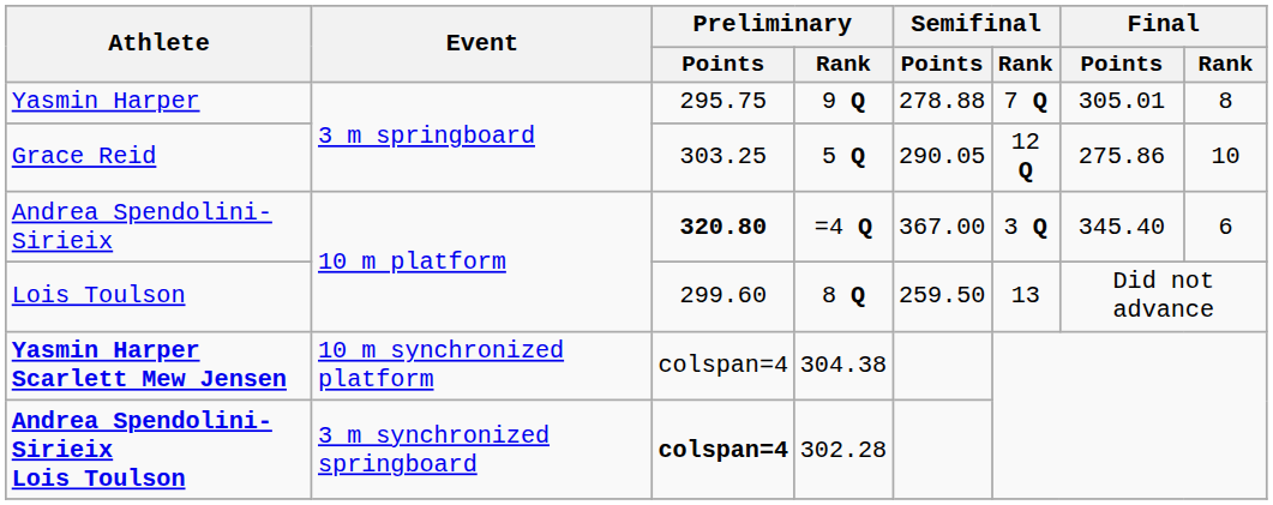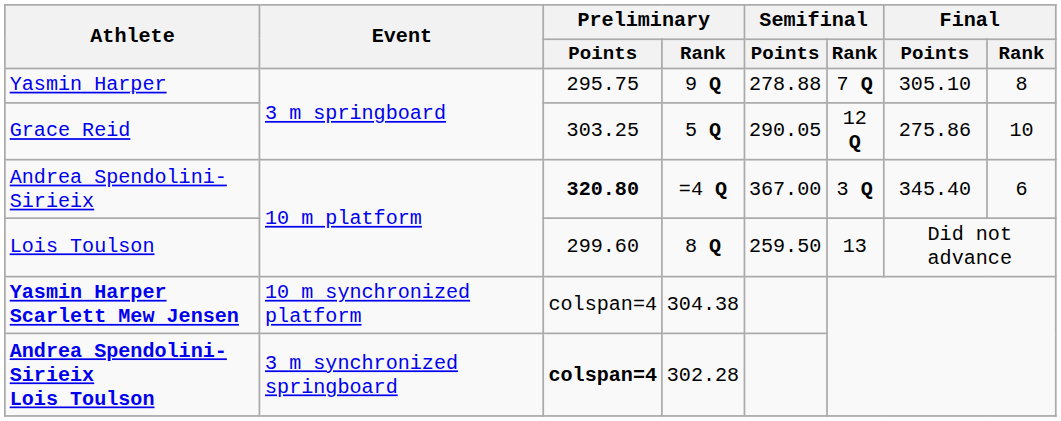 <table class=wikitable style=font-size:90%;text-align:center>
 <tr>
 <th rowspan=2>Athlete</th>
 <th rowspan=2>Event</th>
 <th colspan=2>Preliminary</th>
 <th colspan=2>Semifinal</th>
 <th colspan=2>Final</th>
 </tr>
 <tr style=font-size:95%>
 <th>Points</th>
 <th>Rank</th>
 <th>Points</th>
 <th>Rank</th>
 <th>Points</th>
 <th>Rank</th>
 </tr>
 <tr>
 <td align=left><a href='#'>Yasmin Harper</a></td>
 <td align=left rowspan=2><a href='#'>3 m springboard</a></td>
 <td>295.75</td>
 <td>9 <strong>Q</strong></td>
 <td>278.88</td>
 <td>7 <strong>Q</strong></td>
-<td>305.01</td>
+<td>305.10</td>
 <td>8</td>
 </tr>
 <tr>
 <td align=left><a href='#'>Grace Reid</a></td>
 <td>303.25</td>
 <td>5 <strong>Q</strong></td>
 <td>290.05</td>
 <td>12 <strong>Q</strong></td>
 <td>275.86</td>
 <td>10</td>
 </tr>
 <tr>
 <td align=left><a href='#'>Andrea Spendolini-Sirieix</a></td>
 <td align=left rowspan=2><a href='#'>10 m platform</a></td>
 <td><strong>320.80</strong></td>
 <td>=4 <strong>Q</strong></td>
 <td>367.00</td>
 <td>3 <strong>Q</strong></td>
 <td>345.40</td>
 <td>6</td>
 </tr>
 <tr>
 <td align=left><a href='#'>Lois Toulson</a></td>
 <td>299.60</td>
 <td>8 <strong>Q</strong></td>
 <td>259.50</td>
 <td>13</td>
 <td colspan=2>Did not advance</td>
 </tr>
 <tr>
 <td align=left><strong><a href='#'>Yasmin Harper</a><br><a href='#'>Scarlett Mew Jensen</a></strong></td>
 <td align=left><a href='#'>10 m synchronized platform</a></td>
 <td>colspan=4 </td>
 <td>304.38</td>
 <td></td>
 </tr>
 <tr>
 <td align=left><strong><a href='#'>Andrea Spendolini-Sirieix</a></strong><br><strong><a href='#'>Lois Toulson</a></strong></td>
 <td align=left><a href='#'>3 m synchronized springboard</a></td>
 <td><strong>colspan=4 </strong></td>
 <td>302.28</td>
 <td></td>
 </tr>
 </table>
